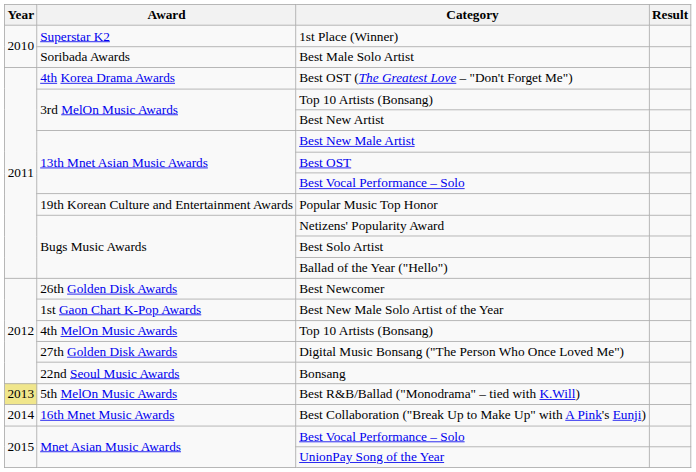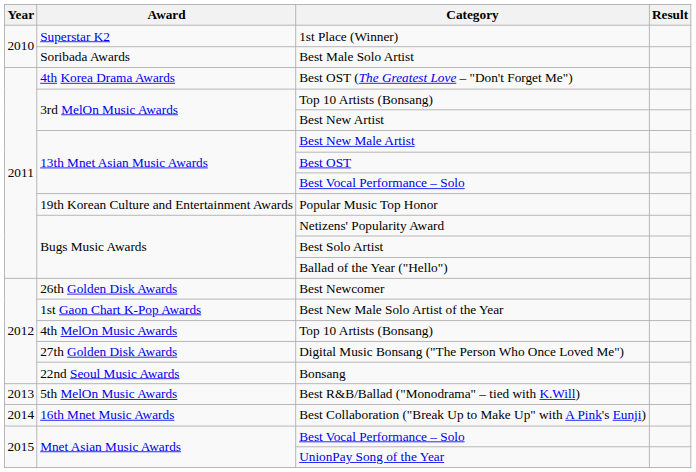 <table class="wikitable">
 <tr>
 <th>Year</th>
 <th>Award</th>
 <th>Category</th>
 <th>Result</th>
 </tr>
 <tr>
 <td rowspan="2" style="text-align:center;">2010</td>
 <td><a href='#'>Superstar K2</a></td>
 <td>1st Place (Winner)</td>
 <td></td>
 </tr>
 <tr>
 <td>Soribada Awards</td>
 <td>Best Male Solo Artist</td>
 <td></td>
 </tr>
 <tr>
 <td rowspan="10" style="text-align:center;">2011</td>
 <td><a href='#'>4th</a> <a href='#'>Korea Drama Awards</a></td>
 <td>Best OST (<em><a href='#'>The Greatest Love</a></em> – "Don't Forget Me")</td>
 <td></td>
 </tr>
 <tr>
 <td rowspan="2">3rd <a href='#'>MelOn Music Awards</a></td>
 <td>Top 10 Artists (Bonsang)</td>
 <td></td>
 </tr>
 <tr>
 <td>Best New Artist</td>
 <td></td>
 </tr>
 <tr>
 <td rowspan=3><a href='#'>13th Mnet Asian Music Awards</a></td>
 <td><a href='#'>Best New Male Artist</a></td>
 <td></td>
 </tr>
 <tr>
 <td><a href='#'>Best OST</a></td>
 <td></td>
 </tr>
 <tr>
 <td><a href='#'>Best Vocal Performance – Solo</a></td>
 <td></td>
 </tr>
 <tr>
 <td>19th Korean Culture and Entertainment Awards</td>
 <td>Popular Music Top Honor</td>
 <td></td>
 </tr>
 <tr>
 <td rowspan="3">Bugs Music Awards</td>
 <td>Netizens' Popularity Award</td>
 <td></td>
 </tr>
 <tr>
 <td>Best Solo Artist</td>
 <td></td>
 </tr>
 <tr>
 <td>Ballad of the Year ("Hello")</td>
 <td></td>
 </tr>
 <tr>
 <td rowspan="5" style="text-align:center;">2012</td>
 <td>26th <a href='#'>Golden Disk Awards</a></td>
 <td>Best Newcomer</td>
 <td></td>
 </tr>
 <tr>
 <td>1st <a href='#'>Gaon Chart K-Pop Awards</a></td>
 <td>Best New Male Solo Artist of the Year</td>
 <td></td>
 </tr>
 <tr>
 <td>4th <a href='#'>MelOn Music Awards</a></td>
 <td>Top 10 Artists (Bonsang)</td>
 <td></td>
 </tr>
 <tr>
 <td>27th <a href='#'>Golden Disk Awards</a></td>
 <td>Digital Music Bonsang ("The Person Who Once Loved Me")</td>
 <td></td>
 </tr>
 <tr>
 <td>22nd <a href='#'>Seoul Music Awards</a></td>
 <td>Bonsang</td>
 <td></td>
 </tr>
 <tr>
-<td rowspan="1" style="background: khaki; text-align:center;">2013</td>
+<td rowspan="1" style="text-align:center;">2013</td>
 <td>5th <a href='#'>MelOn Music Awards</a></td>
 <td>Best R&B/Ballad ("Monodrama" – tied with <a href='#'>K.Will</a>)</td>
 <td></td>
 </tr>
 <tr>
 <td rowspan="1" style="text-align:center;">2014</td>
 <td><a href='#'>16th Mnet Music Awards</a></td>
 <td>Best Collaboration ("Break Up to Make Up" with <a href='#'>A Pink</a>'s <a href='#'>Eunji</a>)</td>
 <td></td>
 </tr>
 <tr>
 <td rowspan="2" style="text-align:center;">2015</td>
 <td rowspan=2><a href='#'>Mnet Asian Music Awards</a></td>
 <td><a href='#'>Best Vocal Performance – Solo</a></td>
 <td></td>
 </tr>
 <tr>
 <td><a href='#'>UnionPay Song of the Year</a></td>
 <td></td>
 </tr>
 </table>
